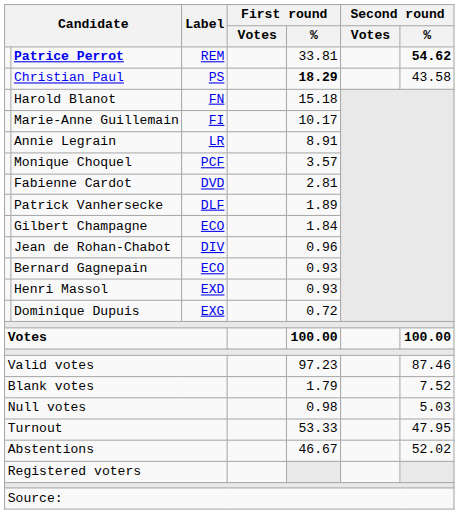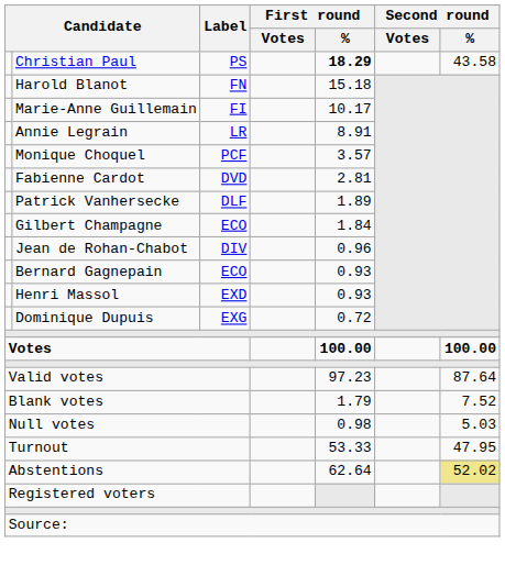 <table class="wikitable" style="text-align:right;font-size:95%;">
 <tr>
 <th rowspan="2" colspan="2">Candidate</th>
 <th rowspan="2">Label</th>
 <th colspan="2">First round</th>
 <th colspan="2">Second round</th>
 </tr>
 <tr>
 <th style="width:50px;">Votes</th>
 <th style="width:45px;">%</th>
 <th style="width:50px;">Votes</th>
 <th style="width:45px;">%</th>
-</tr>
-<tr>
-<td style="color:inherit;background:"></td>
-<td style="text-align:left;"><strong><a href='#'>Patrice Perrot</a></strong></td>
-<td><a href='#'>REM</a></td>
-<td></td>
-<td>33.81</td>
-<td><strong></strong></td>
-<td><strong>54.62</strong></td>
 </tr>
 <tr>
 <td style="color:inherit;background:"></td>
 <td style="text-align:left;"><a href='#'>Christian Paul</a></td>
 <td><a href='#'>PS</a></td>
 <td></td>
 <td><strong>18.29</strong></td>
 <td></td>
 <td>43.58</td>
 </tr>
 <tr>
 <td style="color:inherit;background:"></td>
 <td style="text-align:left;">Harold Blanot</td>
 <td><a href='#'>FN</a></td>
 <td></td>
 <td>15.18</td>
 <td colspan="2" rowspan="11" style="background:#E9E9E9;"></td>
 </tr>
 <tr>
 <td style="color:inherit;background:"></td>
 <td style="text-align:left;">Marie-Anne Guillemain</td>
 <td><a href='#'>FI</a></td>
 <td></td>
 <td>10.17</td>
 </tr>
 <tr>
 <td style="color:inherit;background:"></td>
 <td style="text-align:left;">Annie Legrain</td>
 <td><a href='#'>LR</a></td>
 <td></td>
 <td>8.91</td>
 </tr>
 <tr>
 <td style="color:inherit;background:"></td>
 <td style="text-align:left;">Monique Choquel</td>
 <td><a href='#'>PCF</a></td>
 <td></td>
 <td>3.57</td>
 </tr>
 <tr>
 <td style="color:inherit;background:"></td>
 <td style="text-align:left;">Fabienne Cardot</td>
 <td><a href='#'>DVD</a></td>
 <td></td>
 <td>2.81</td>
 </tr>
 <tr>
 <td style="color:inherit;background:"></td>
 <td style="text-align:left;">Patrick Vanhersecke</td>
 <td><a href='#'>DLF</a></td>
 <td></td>
 <td>1.89</td>
 </tr>
 <tr>
 <td style="color:inherit;background:"></td>
 <td style="text-align:left;">Gilbert Champagne</td>
 <td><a href='#'>ECO</a></td>
 <td></td>
 <td>1.84</td>
 </tr>
 <tr>
 <td style="color:inherit;background:"></td>
 <td style="text-align:left;">Jean de Rohan-Chabot</td>
 <td><a href='#'>DIV</a></td>
 <td></td>
 <td>0.96</td>
 </tr>
 <tr>
 <td style="color:inherit;background:"></td>
 <td style="text-align:left;">Bernard Gagnepain</td>
 <td><a href='#'>ECO</a></td>
 <td></td>
 <td>0.93</td>
 </tr>
 <tr>
 <td style="color:inherit;background:"></td>
 <td style="text-align:left;">Henri Massol</td>
 <td><a href='#'>EXD</a></td>
 <td></td>
 <td>0.93</td>
 </tr>
 <tr>
 <td style="color:inherit;background:"></td>
 <td style="text-align:left;">Dominique Dupuis</td>
 <td><a href='#'>EXG</a></td>
 <td></td>
 <td>0.72</td>
 </tr>
 <tr>
 <td colspan="7" style="background:#E9E9E9;"></td>
 </tr>
 <tr style="font-weight:bold;">
 <td colspan="3" style="text-align:left;">Votes</td>
 <td></td>
 <td>100.00</td>
 <td></td>
 <td>100.00</td>
 </tr>
 <tr>
 <td colspan="7" style="background:#E9E9E9;"></td>
 </tr>
 <tr>
 <td colspan="3" style="text-align:left;">Valid votes</td>
 <td></td>
 <td>97.23</td>
 <td></td>
-<td>87.46</td>
+<td>87.64</td>
 </tr>
 <tr>
 <td colspan="3" style="text-align:left;">Blank votes</td>
 <td></td>
 <td>1.79</td>
 <td></td>
 <td>7.52</td>
 </tr>
 <tr>
 <td colspan="3" style="text-align:left;">Null votes</td>
 <td></td>
 <td>0.98</td>
 <td></td>
 <td>5.03</td>
 </tr>
 <tr>
 <td colspan="3" style="text-align:left;">Turnout</td>
 <td></td>
 <td>53.33</td>
 <td></td>
 <td>47.95</td>
 </tr>
 <tr>
 <td colspan="3" style="text-align:left;">Abstentions</td>
 <td></td>
-<td>46.67</td>
+<td>62.64</td>
 <td></td>
-<td>52.02</td>
+<td style="background: khaki;">52.02</td>
 </tr>
 <tr>
 <td colspan="3" style="text-align:left;">Registered voters</td>
 <td></td>
 <td style="background:#E9E9E9;"></td>
 <td></td>
 <td style="background:#E9E9E9;"></td>
 </tr>
 <tr>
 <td colspan="7" style="background:#E9E9E9;"></td>
 </tr>
 <tr>
 <td colspan="7" style="text-align:left;">Source: </td>
 </tr>
 </table>
